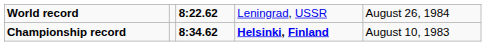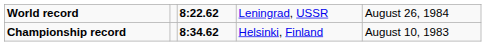 <table class="wikitable" width=75%>
 <tr>
 <td><strong>World record</strong></td>
 <td></td>
 <td><strong>8:22.62</strong></td>
 <td><a href='#'>Leningrad</a>, <a href='#'>USSR</a></td>
 <td>August 26, 1984</td>
 </tr>
 <tr>
 <td><strong>Championship record</strong></td>
 <td></td>
 <td><strong>8:34.62</strong></td>
-<td><strong><a href='#'>Helsinki</a>, <a href='#'>Finland</a></strong></td>
+<td><a href='#'>Helsinki</a>, <a href='#'>Finland</a></td>
 <td>August 10, 1983</td>
 </tr>
 </table>
